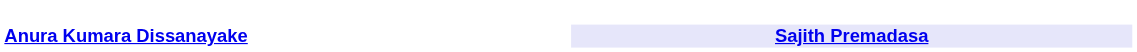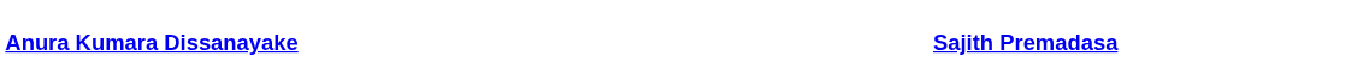 <table style="width:100%; text-align:center">
 <tr style="color:white">
 <td style="background:"><strong>17,902</strong></td>
 <td style="background:"><strong>35,488</strong></td>
 </tr>
 <tr>
 <td style="color:"><strong><a href='#'>Anura Kumara Dissanayake</a></strong></td>
-<td style="background: lavender; color:"><strong><a href='#'>Sajith Premadasa</a></strong></td>
+<td style="color:"><strong><a href='#'>Sajith Premadasa</a></strong></td>
 </tr>
 </table>
